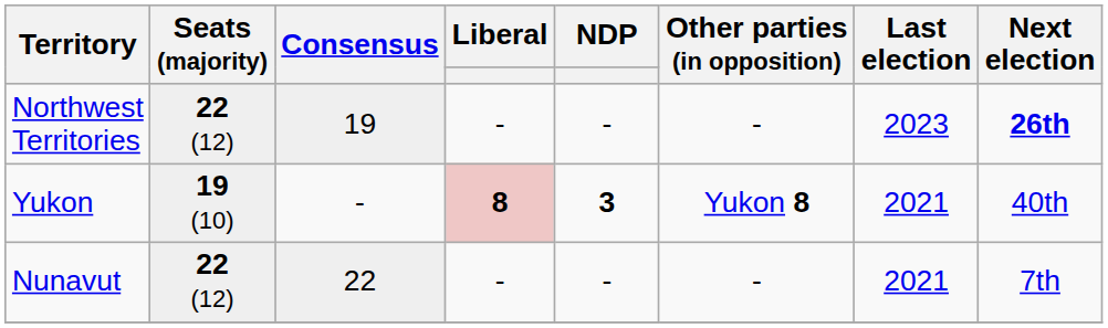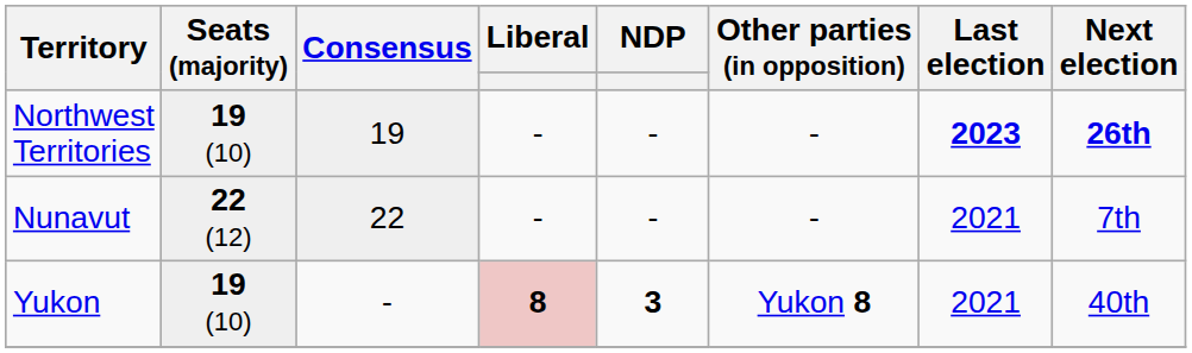 <table class="wikitable sortable" style="text-align: center">
 <tr>
 <th rowspan="2">Territory</th>
 <th rowspan="2">Seats<br><small>(majority)</small></th>
 <th rowspan="2"><a href='#'>Consensus</a></th>
 <th width=50px>Liberal</th>
 <th width="50px">NDP</th>
 <th rowspan="2">Other parties<br><small> (in opposition)</small></th>
 <th rowspan="2">Last<br>election</th>
 <th rowspan="2">Next<br>election</th>
 </tr>
 <tr>
 <th style="background:"></th>
 <th style="background:"></th>
 </tr>
 <tr>
 <td style="text-align:left"><a href='#'>Northwest<br>Territories</a></td>
-<td style="background:#efefef"><strong>22</strong><br><small>(12)</small></td>
+<td style="background:#efefef"><strong>19</strong><br><small>(10)</small></td>
 <td style="background:#efefef">19</td>
 <td>-</td>
 <td>-</td>
 <td>-</td>
-<td><a href='#'>2023</a></td>
+<td><strong><a href='#'>2023</a></strong></td>
 <td><strong><a href='#'>26th</a></strong></td>
+</tr>
+<tr>
+<td style="text-align:left"><a href='#'>Nunavut</a></td>
+<td style="background:#efefef"><strong>22</strong><br><small>(12)</small></td>
+<td style="background:#efefef">22</td>
+<td>-</td>
+<td>-</td>
+<td>-</td>
+<td><a href='#'>2021</a></td>
+<td><a href='#'>7th</a></td>
 </tr>
 <tr>
 <td style="text-align:left"><a href='#'>Yukon</a></td>
 <td style="background:#efefef"><strong>19</strong><br><small>(10)</small></td>
 <td>-</td>
 <td style="background:#efc7c6"><strong>8</strong></td>
 <td><strong>3</strong></td>
 <td><a href='#'>Yukon</a> <strong>8</strong></td>
 <td><a href='#'>2021</a></td>
 <td><a href='#'>40th</a></td>
 </tr>
 <tr>
-<td style="text-align:left"><a href='#'>Nunavut</a></td>
-<td style="background:#efefef"><strong>22</strong><br><small>(12)</small></td>
-<td style="background:#efefef">22</td>
-<td>-</td>
-<td>-</td>
-<td>-</td>
-<td><a href='#'>2021</a></td>
-<td><a href='#'>7th</a></td>
-</tr>
-<tr>
 </tr>
 </table>
